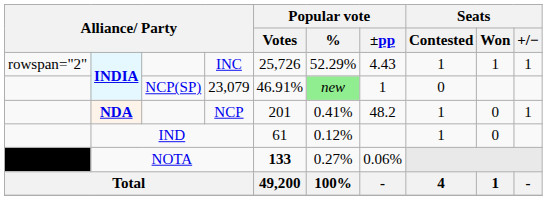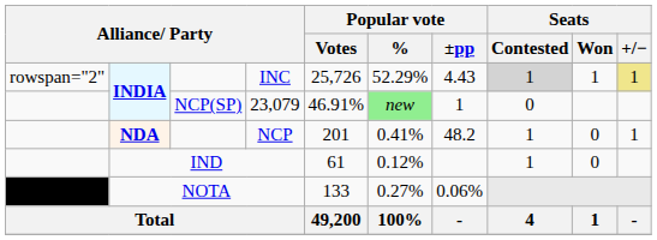 <table class="wikitable sortable" style="text-align:center;">
 <tr>
 <th colspan="4" rowspan="2">Alliance/ Party</th>
 <th colspan="3">Popular vote</th>
 <th colspan="3">Seats</th>
 </tr>
 <tr>
 <th>Votes</th>
 <th>%</th>
 <th>±<a href='#'>pp</a></th>
 <th>Contested</th>
 <th>Won</th>
 <th><strong>+/−</strong></th>
 </tr>
 <tr>
 <td>rowspan="2"</td>
 <th rowspan="2"style="background:#E5F8FF"><a href='#'>INDIA</a></th>
 <td></td>
 <td><a href='#'>INC</a></td>
 <td>25,726</td>
 <td>52.29%</td>
 <td>4.43</td>
+<td style="background: lightgrey;">1</td>
 <td>1</td>
-<td>1</td>
-<td>1</td>
+<td style="background: khaki;">1</td>
 </tr>
 <tr>
 <td></td>
 <td><a href='#'>NCP(SP)</a></td>
 <td>23,079</td>
 <td>46.91%</td>
 <td style="background: lightgreen;"><em>new</em></td>
 <td>1</td>
 <td>0</td>
 <td></td>
 </tr>
 <tr>
 <td></td>
 <th style="background:#fef3e8"><a href='#'>NDA</a></th>
 <td></td>
 <td><a href='#'>NCP</a></td>
 <td>201</td>
 <td>0.41%</td>
 <td>48.2</td>
 <td>1</td>
 <td>0</td>
 <td>1</td>
 </tr>
 <tr>
 <td></td>
 <td colspan="3"><a href='#'>IND</a></td>
 <td>61</td>
 <td>0.12%</td>
 <td></td>
 <td>1</td>
 <td>0</td>
 <td></td>
 </tr>
 <tr>
 <td bgcolor="Black"></td>
 <td colspan="3"><a href='#'>NOTA</a></td>
-<td><strong>133</strong></td>
+<td>133</td>
 <td>0.27%</td>
 <td>0.06%</td>
 <th colspan="3" style="background-color:#E9E9E9"></th>
 </tr>
 <tr>
 <th colspan="4">Total</th>
 <th>49,200</th>
 <th>100%</th>
 <th>-</th>
 <th>4</th>
 <th>1</th>
 <th>-</th>
 </tr>
 <tr>
 </tr>
 </table>
